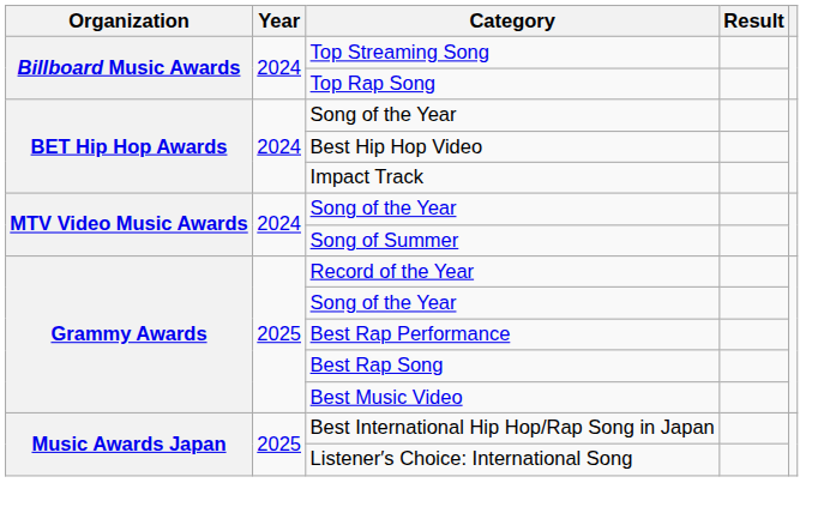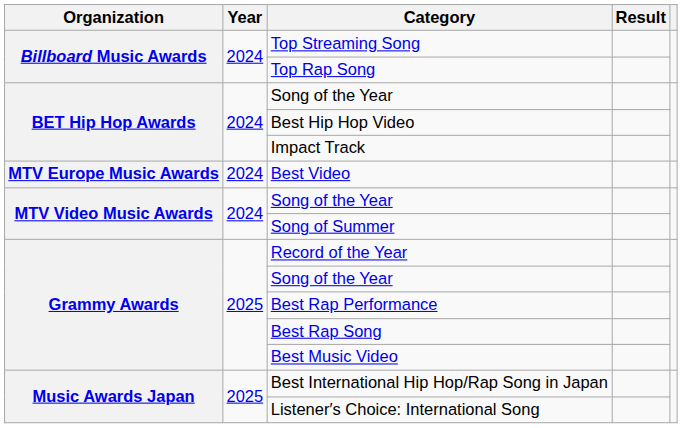 <table class="wikitable sortable plainrowheaders" style="border:none; margin:0;">
 <tr>
 <th scope="col">Organization</th>
 <th scope="col">Year</th>
 <th scope="col">Category</th>
 <th scope="col">Result</th>
 <th scope="col" class="unsortable"></th>
 </tr>
 <tr>
 <th rowspan="2" scope="row"><a href='#'><em>Billboard</em> Music Awards</a></th>
 <td rowspan="2"><a href='#'>2024</a></td>
 <td><a href='#'>Top Streaming Song</a></td>
 <td></td>
 <td rowspan="2" style="text-align:center"></td>
 </tr>
 <tr>
 <td><a href='#'>Top Rap Song</a></td>
 <td></td>
 </tr>
 <tr>
 <th rowspan="3" scope="row"><a href='#'>BET Hip Hop Awards</a></th>
 <td rowspan="3"><a href='#'>2024</a></td>
 <td>Song of the Year</td>
 <td></td>
 <td rowspan="3" style="text-align:center"><br></td>
 </tr>
 <tr>
 <td>Best Hip Hop Video</td>
 <td></td>
 </tr>
 <tr>
 <td>Impact Track</td>
 <td></td>
+</tr>
+<tr>
+<th scope="row"><a href='#'>MTV Europe Music Awards</a></th>
+<td><a href='#'>2024</a></td>
+<td><a href='#'>Best Video</a></td>
+<td></td>
+<td style="text-align:center"></td>
 </tr>
 <tr>
 <th rowspan="2" scope="row"><a href='#'>MTV Video Music Awards</a></th>
 <td rowspan="2"><a href='#'>2024</a></td>
 <td><a href='#'>Song of the Year</a></td>
 <td></td>
 <td rowspan="2" style="text-align:center"><br></td>
 </tr>
 <tr>
 <td><a href='#'>Song of Summer</a></td>
 <td></td>
 </tr>
 <tr>
 <th rowspan="5" scope="row"><a href='#'>Grammy Awards</a></th>
 <td rowspan="5"><a href='#'>2025</a></td>
 <td><a href='#'>Record of the Year</a></td>
 <td></td>
 <td rowspan="5" style="text-align:center"></td>
 </tr>
 <tr>
 <td><a href='#'>Song of the Year</a></td>
 <td></td>
 </tr>
 <tr>
 <td><a href='#'>Best Rap Performance</a></td>
 <td></td>
 </tr>
 <tr>
 <td><a href='#'>Best Rap Song</a></td>
 <td></td>
 </tr>
 <tr>
 <td><a href='#'>Best Music Video</a></td>
 <td></td>
 </tr>
 <tr>
 <th rowspan="2" scope="row"><a href='#'>Music Awards Japan</a></th>
 <td rowspan="2"><a href='#'>2025</a></td>
 <td>Best International Hip Hop/Rap Song in Japan</td>
 <td></td>
 <td rowspan="2"></td>
 </tr>
 <tr>
 <td>Listener′s Choice: International Song</td>
 <td></td>
 </tr>
 <tr>
 </tr>
 </table>
